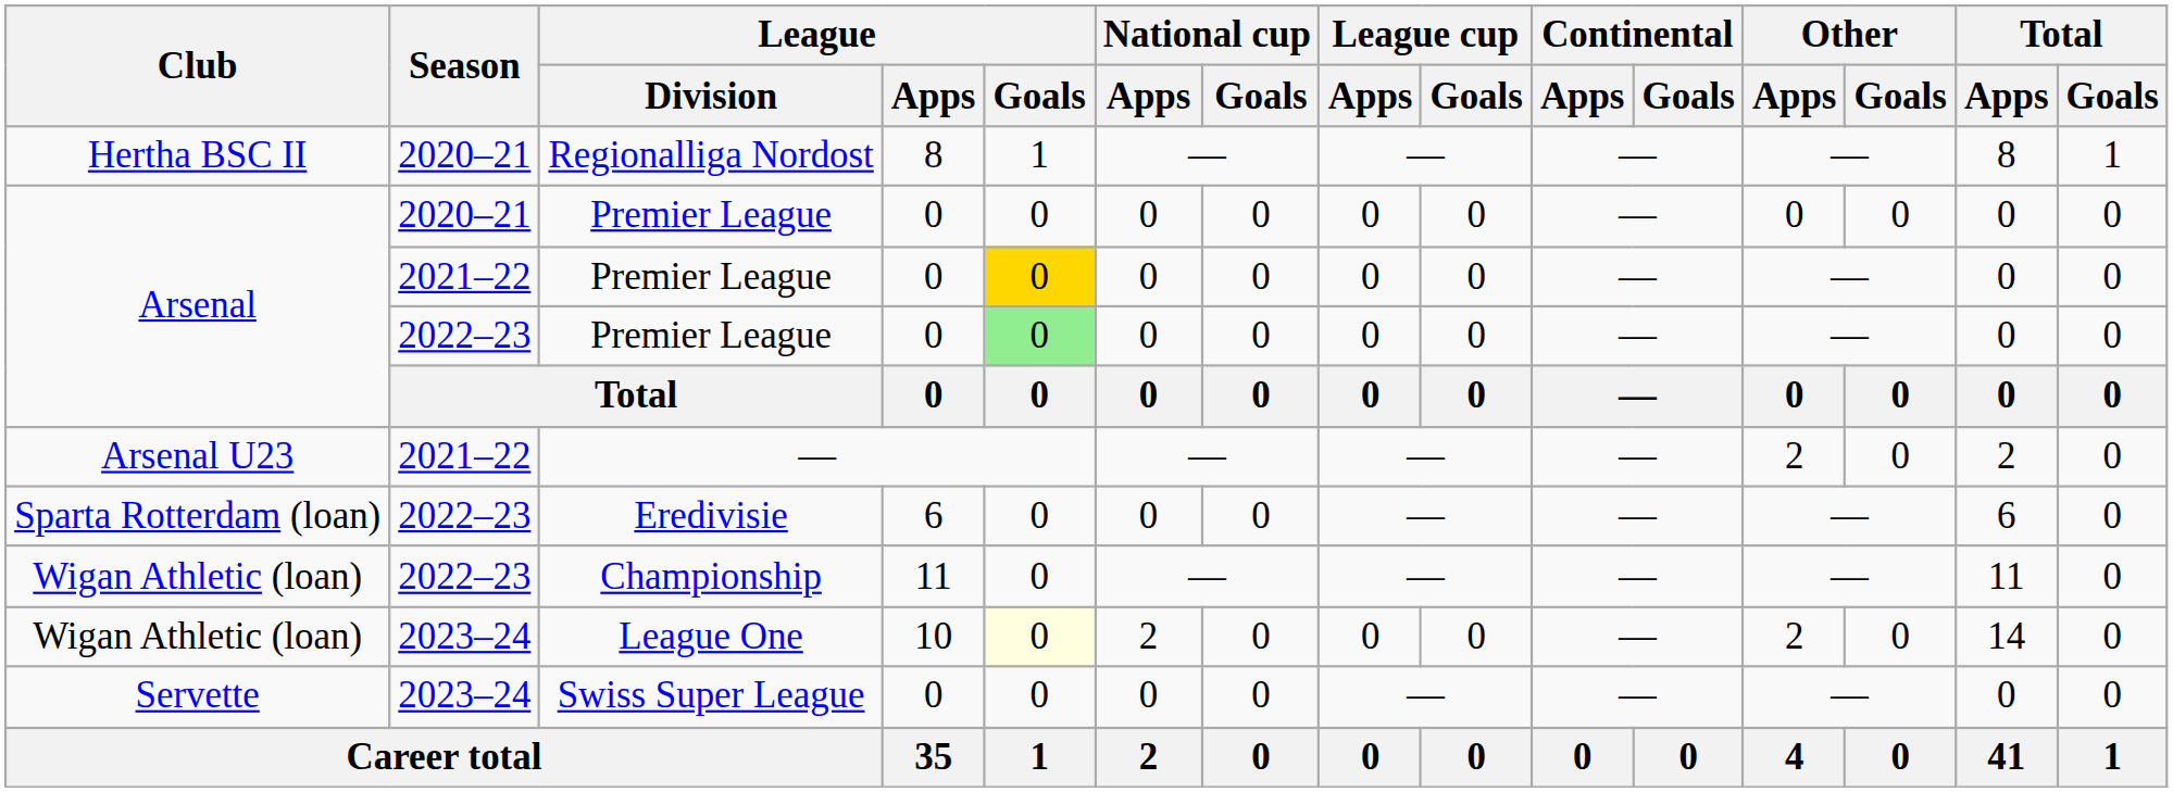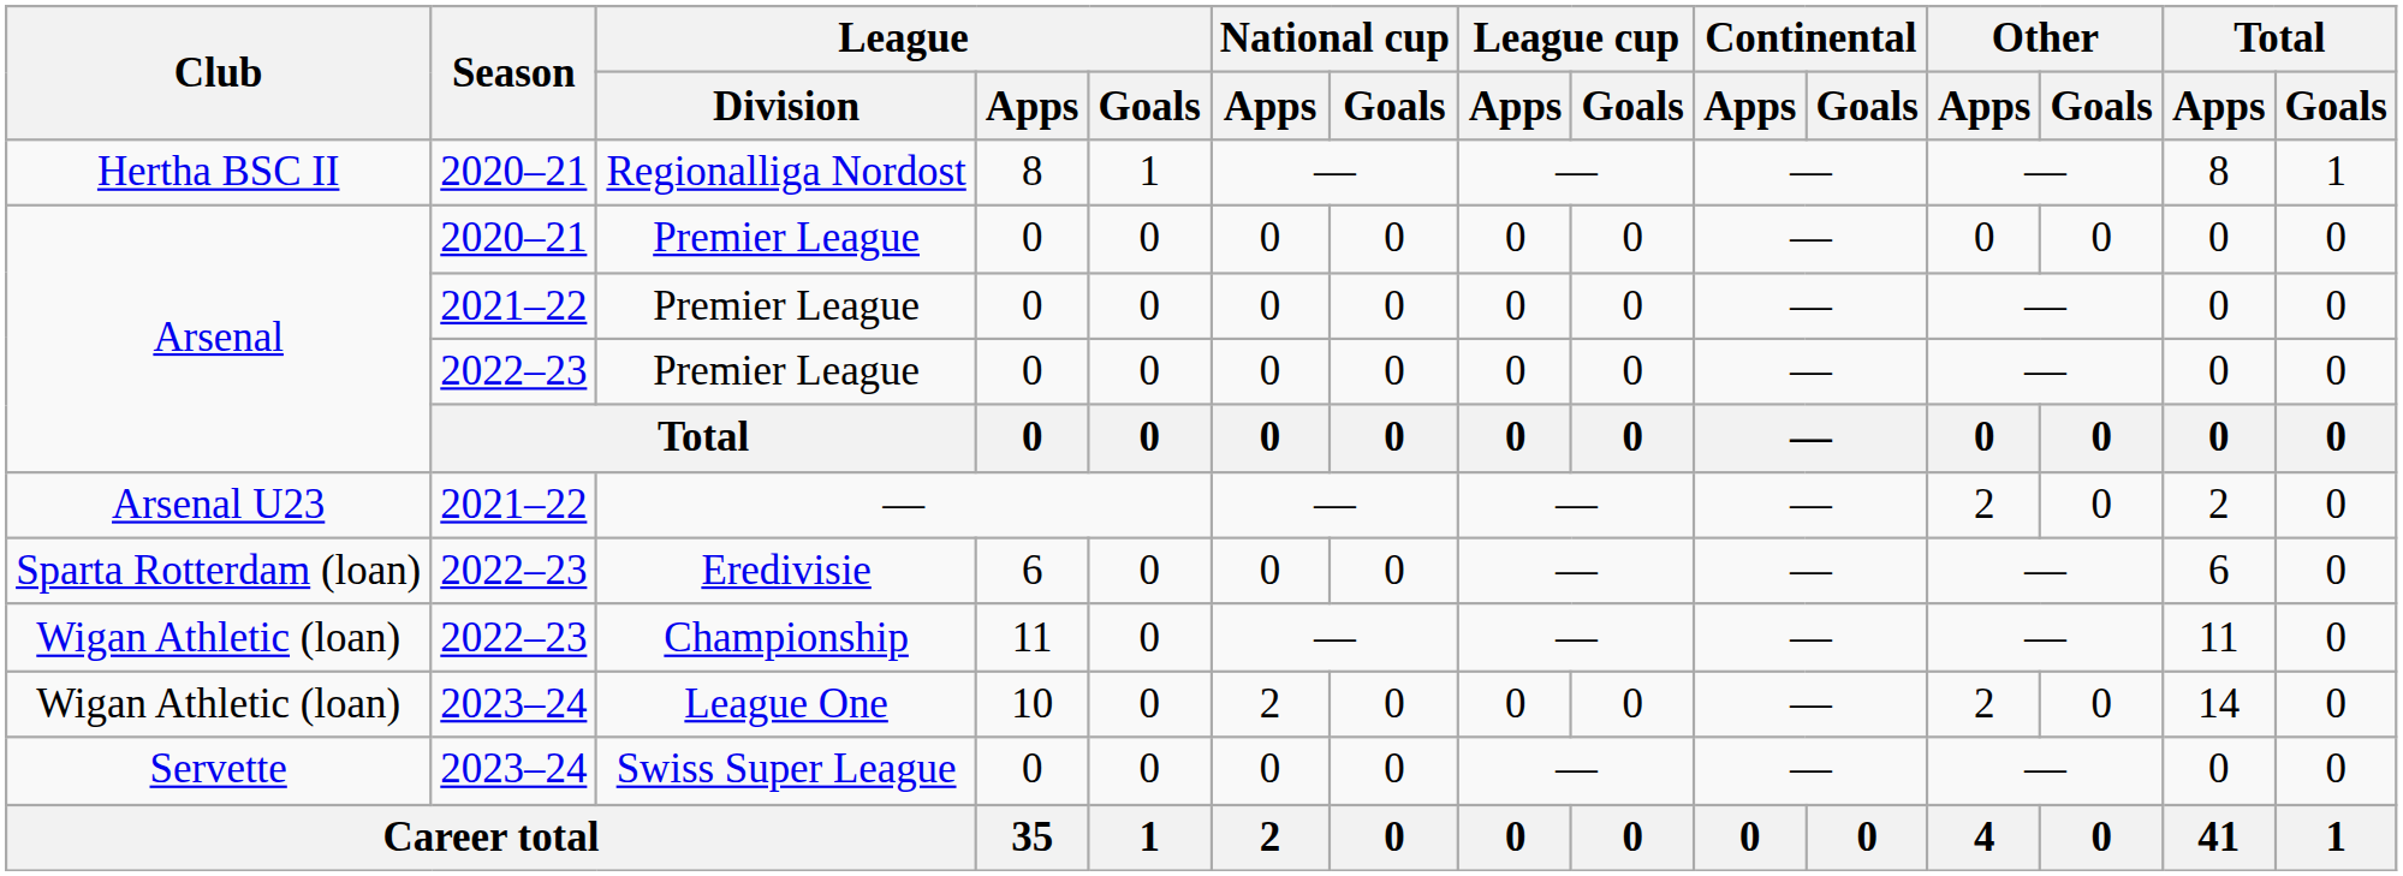 <table class="wikitable" style="text-align: center">
 <tr>
 <th rowspan="2">Club</th>
 <th rowspan="2">Season</th>
 <th colspan="3">League</th>
 <th colspan="2">National cup</th>
 <th colspan="2">League cup</th>
 <th colspan="2">Continental</th>
 <th colspan="2">Other</th>
 <th colspan="2">Total</th>
 </tr>
 <tr>
 <th>Division</th>
 <th>Apps</th>
 <th>Goals</th>
 <th>Apps</th>
 <th>Goals</th>
 <th>Apps</th>
 <th>Goals</th>
 <th>Apps</th>
 <th>Goals</th>
 <th>Apps</th>
 <th>Goals</th>
 <th>Apps</th>
 <th>Goals</th>
 </tr>
 <tr>
 <td><a href='#'>Hertha BSC II</a></td>
 <td><a href='#'>2020–21</a></td>
 <td><a href='#'>Regionalliga Nordost</a></td>
 <td>8</td>
 <td>1</td>
 <td colspan="2">—</td>
 <td colspan="2">—</td>
 <td colspan="2">—</td>
 <td colspan="2">—</td>
 <td>8</td>
 <td>1</td>
 </tr>
 <tr>
 <td rowspan="4"><a href='#'>Arsenal</a></td>
 <td><a href='#'>2020–21</a></td>
 <td><a href='#'>Premier League</a></td>
 <td>0</td>
 <td>0</td>
 <td>0</td>
 <td>0</td>
 <td>0</td>
 <td>0</td>
 <td colspan="2">—</td>
 <td>0</td>
 <td>0</td>
 <td>0</td>
 <td>0</td>
 </tr>
 <tr>
 <td><a href='#'>2021–22</a></td>
 <td>Premier League</td>
 <td>0</td>
-<td style="background: gold;">0</td>
+<td>0</td>
 <td>0</td>
 <td>0</td>
 <td>0</td>
 <td>0</td>
 <td colspan="2">—</td>
 <td colspan="2">—</td>
 <td>0</td>
 <td>0</td>
 </tr>
 <tr>
 <td><a href='#'>2022–23</a></td>
 <td>Premier League</td>
 <td>0</td>
-<td style="background: lightgreen;">0</td>
+<td>0</td>
 <td>0</td>
 <td>0</td>
 <td>0</td>
 <td>0</td>
 <td colspan="2">—</td>
 <td colspan="2">—</td>
 <td>0</td>
 <td>0</td>
 </tr>
 <tr>
 <th colspan="2">Total</th>
 <th>0</th>
 <th>0</th>
 <th>0</th>
 <th>0</th>
 <th>0</th>
 <th>0</th>
 <th colspan="2">—</th>
 <th>0</th>
 <th>0</th>
 <th>0</th>
 <th>0</th>
 </tr>
 <tr>
 <td><a href='#'>Arsenal U23</a></td>
 <td><a href='#'>2021–22</a></td>
 <td colspan="3">—</td>
 <td colspan="2">—</td>
 <td colspan="2">—</td>
 <td colspan="2">—</td>
 <td>2</td>
 <td>0</td>
 <td>2</td>
 <td>0</td>
 </tr>
 <tr>
 <td><a href='#'>Sparta Rotterdam</a> (loan)</td>
 <td><a href='#'>2022–23</a></td>
 <td><a href='#'>Eredivisie</a></td>
 <td>6</td>
 <td>0</td>
 <td>0</td>
 <td>0</td>
 <td colspan="2">—</td>
 <td colspan="2">—</td>
 <td colspan="2">—</td>
 <td>6</td>
 <td>0</td>
 </tr>
 <tr>
 <td><a href='#'>Wigan Athletic</a> (loan)</td>
 <td><a href='#'>2022–23</a></td>
 <td><a href='#'>Championship</a></td>
 <td>11</td>
 <td>0</td>
 <td colspan="2">—</td>
 <td colspan="2">—</td>
 <td colspan="2">—</td>
 <td colspan="2">—</td>
 <td>11</td>
 <td>0</td>
 </tr>
 <tr>
 <td>Wigan Athletic (loan)</td>
 <td><a href='#'>2023–24</a></td>
 <td><a href='#'>League One</a></td>
 <td>10</td>
-<td style="background: lightyellow;">0</td>
+<td>0</td>
 <td>2</td>
 <td>0</td>
 <td>0</td>
 <td>0</td>
 <td colspan="2">—</td>
 <td>2</td>
 <td>0</td>
 <td>14</td>
 <td>0</td>
 </tr>
 <tr>
 <td><a href='#'>Servette</a></td>
 <td><a href='#'>2023–24</a></td>
 <td><a href='#'>Swiss Super League</a></td>
 <td>0</td>
 <td>0</td>
 <td>0</td>
 <td>0</td>
 <td colspan="2">—</td>
 <td colspan="2">—</td>
 <td colspan="2">—</td>
 <td>0</td>
 <td>0</td>
 </tr>
 <tr>
 <th colspan="3">Career total</th>
 <th>35</th>
 <th>1</th>
 <th>2</th>
 <th>0</th>
 <th>0</th>
 <th>0</th>
 <th>0</th>
 <th>0</th>
 <th>4</th>
 <th>0</th>
 <th>41</th>
 <th>1</th>
 </tr>
 </table>
